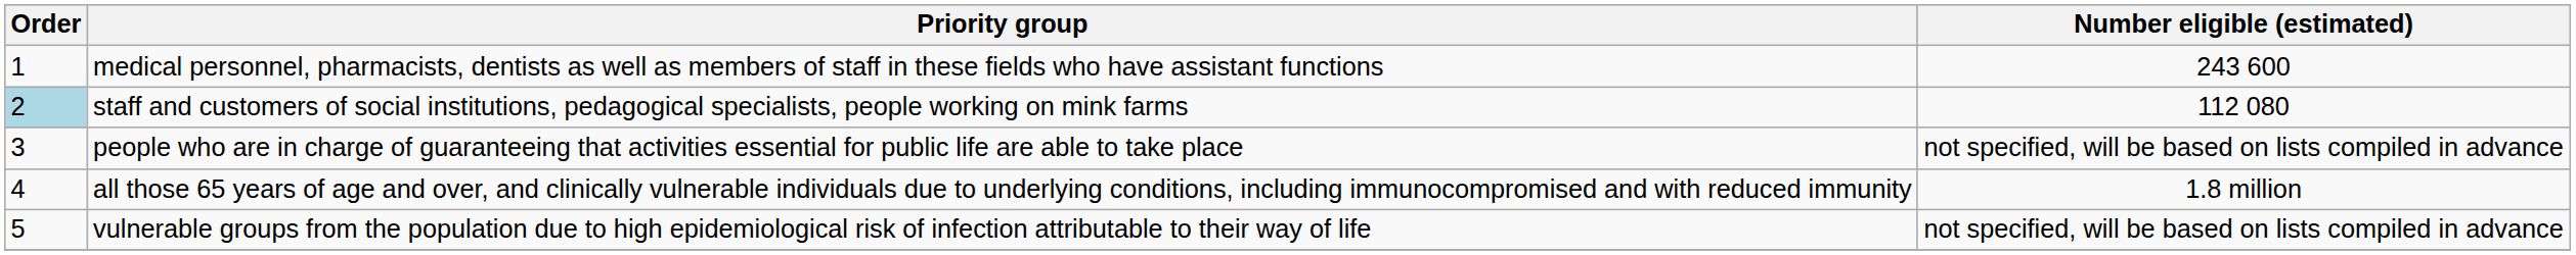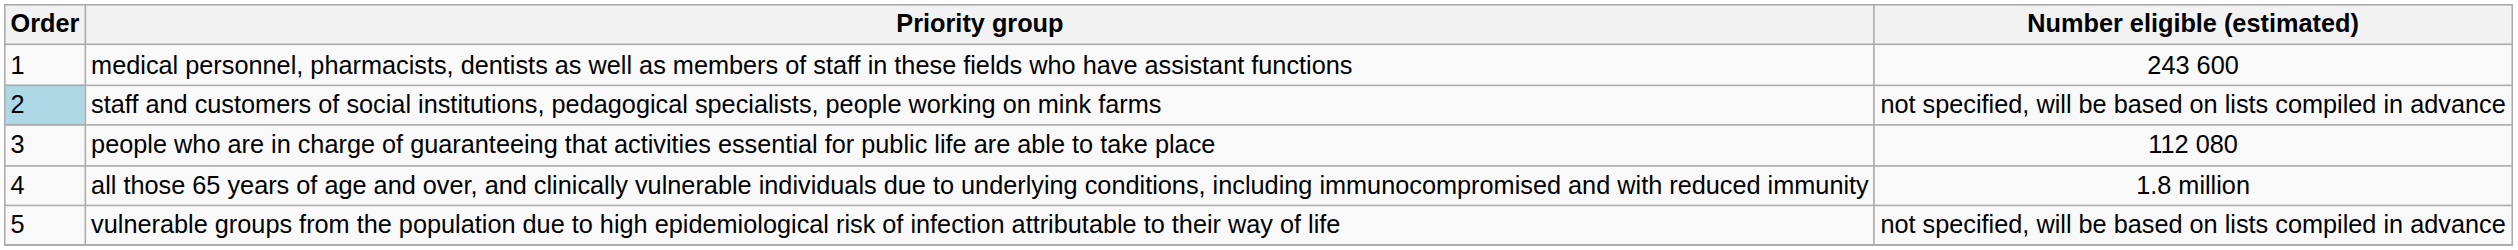 <table class="wikitable">
 <tr>
 <th>Order</th>
 <th>Priority group</th>
 <th>Number eligible (estimated)</th>
 </tr>
 <tr>
 <td>1</td>
 <td>medical personnel, pharmacists, dentists as well as members of staff in these fields who have assistant functions</td>
 <td style="text-align:center">243 600</td>
 </tr>
 <tr>
 <td style="background: lightblue;">2</td>
 <td>staff and customers of social institutions, pedagogical specialists, people working on mink farms</td>
-<td style="text-align:center">112 080</td>
+<td style="text-align:center">not specified, will be based on lists compiled in advance</td>
 </tr>
 <tr>
 <td>3</td>
 <td>people who are in charge of guaranteeing that activities essential for public life are able to take place</td>
-<td style="text-align:center">not specified, will be based on lists compiled in advance</td>
+<td style="text-align:center">112 080</td>
 </tr>
 <tr>
 <td>4</td>
 <td>all those 65 years of age and over, and clinically vulnerable individuals due to underlying conditions, including immunocompromised and with reduced immunity</td>
 <td style="text-align:center">1.8 million</td>
 </tr>
 <tr>
 <td>5</td>
 <td>vulnerable groups from the population due to high epidemiological risk of infection attributable to their way of life</td>
 <td style="text-align:center">not specified, will be based on lists compiled in advance</td>
 </tr>
 <tr>
 </tr>
 </table>
